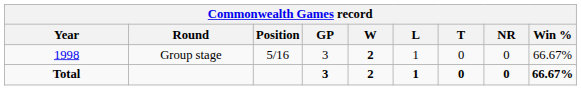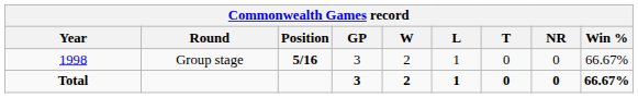 <table class="wikitable" style="text-align:center;width=900px">
 <tr>
 <th colspan=10><a href='#'>Commonwealth Games</a> record</th>
 </tr>
 <tr>
 <th width=150>Year</th>
 <th width=150>Round</th>
 <th width=50>Position</th>
 <th width=50>GP</th>
 <th width=50>W</th>
 <th width=50>L</th>
 <th width=50>T</th>
 <th width=50>NR</th>
 <th width=50>Win %</th>
 </tr>
 <tr>
 <td> <a href='#'>1998</a></td>
 <td>Group stage</td>
-<td>5/16</td>
+<td><strong>5/16</strong></td>
 <td>3</td>
-<td><strong>2</strong></td>
+<td>2</td>
 <td>1</td>
 <td>0</td>
 <td>0</td>
 <td>66.67%</td>
 </tr>
 <tr>
 <td><strong>Total</strong></td>
 <td></td>
 <td></td>
 <td><strong>3</strong></td>
 <td><strong>2</strong></td>
 <td><strong>1</strong></td>
 <td><strong>0</strong></td>
 <td><strong>0</strong></td>
 <td><strong>66.67%</strong></td>
 </tr>
 </table>
